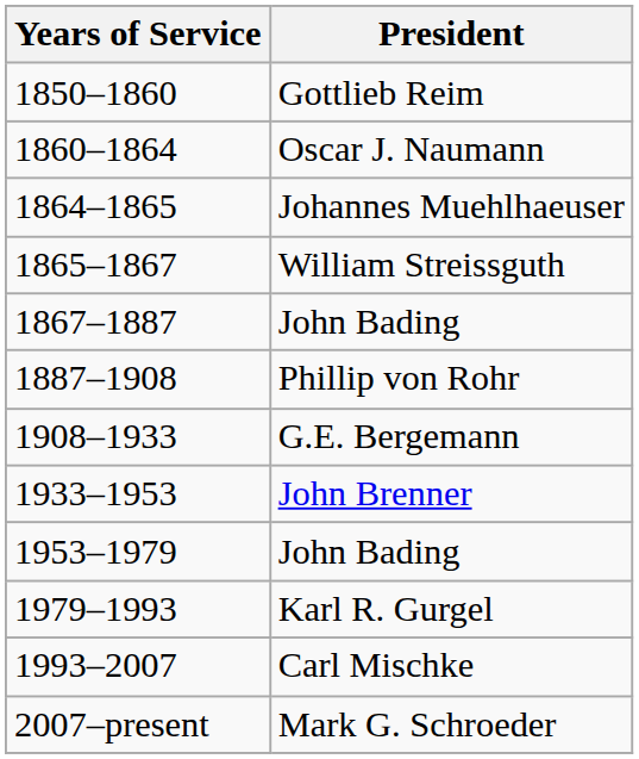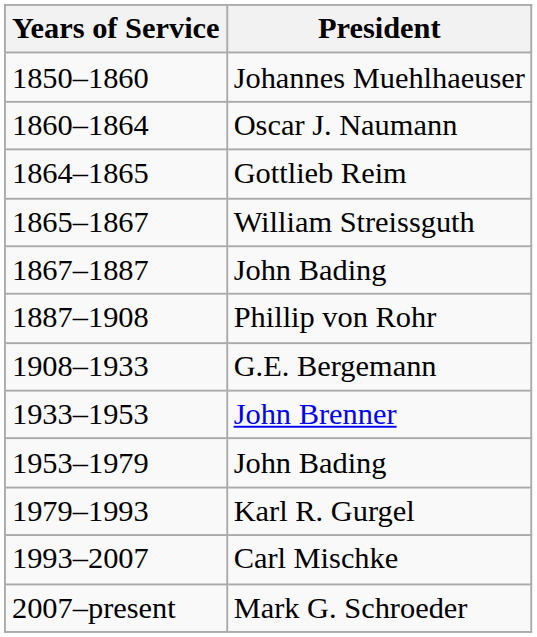 <table class="wikitable">
 <tr>
 <th>Years of Service</th>
 <th>President</th>
 </tr>
 <tr>
 <td>1850–1860</td>
-<td>Gottlieb Reim</td>
+<td>Johannes Muehlhaeuser</td>
 </tr>
 <tr>
 <td>1860–1864</td>
 <td>Oscar J. Naumann</td>
 </tr>
 <tr>
 <td>1864–1865</td>
-<td>Johannes Muehlhaeuser</td>
+<td>Gottlieb Reim</td>
 </tr>
 <tr>
 <td>1865–1867</td>
 <td>William Streissguth</td>
 </tr>
 <tr>
 <td>1867–1887</td>
 <td>John Bading</td>
 </tr>
 <tr>
 <td>1887–1908</td>
 <td>Phillip von Rohr</td>
 </tr>
 <tr>
 <td>1908–1933</td>
 <td>G.E. Bergemann</td>
 </tr>
 <tr>
 <td>1933–1953</td>
 <td><a href='#'>John Brenner</a></td>
 </tr>
 <tr>
 <td>1953–1979</td>
 <td>John Bading</td>
 </tr>
 <tr>
 <td>1979–1993</td>
 <td>Karl R. Gurgel</td>
 </tr>
 <tr>
 <td>1993–2007</td>
 <td>Carl Mischke</td>
 </tr>
 <tr>
 <td>2007–present</td>
 <td>Mark G. Schroeder</td>
 </tr>
 </table>
